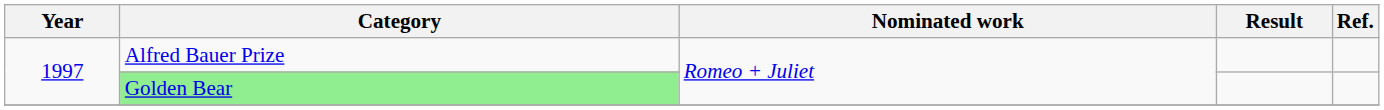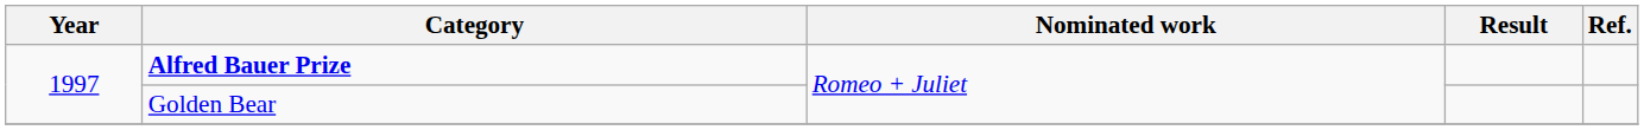 <table class=wikitable>
 <tr>
 <th scope="col" style="width:5em;">Year</th>
 <th scope="col" style="width:26em;">Category</th>
 <th scope="col" style="width:25em;">Nominated work</th>
 <th scope="col" style="width:5em;">Result</th>
 <th>Ref.</th>
 </tr>
 <tr>
 <td rowspan="2", style="text-align:center;"><a href='#'>1997</a></td>
-<td><a href='#'>Alfred Bauer Prize</a></td>
+<td><strong><a href='#'>Alfred Bauer Prize</a></strong></td>
 <td rowspan="2"><em><a href='#'>Romeo + Juliet</a></em></td>
 <td></td>
 <td></td>
 </tr>
 <tr>
-<td style="background: lightgreen;"><a href='#'>Golden Bear</a></td>
+<td><a href='#'>Golden Bear</a></td>
 <td></td>
 <td></td>
 </tr>
 <tr>
 </tr>
 </table>
